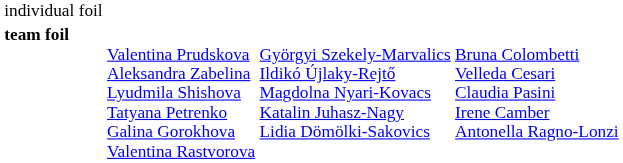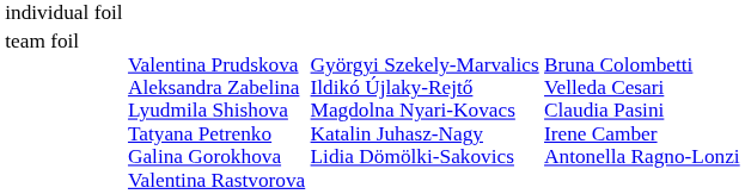 <table>
 <tr>
 <td>individual foil<br></td>
 <td></td>
 <td></td>
 <td></td>
 </tr>
 <tr valign="top">
-<td><strong>team foil<br></strong></td>
+<td>team foil<br></td>
 <td valign=top><br><a href='#'>Valentina Prudskova</a><br><a href='#'>Aleksandra Zabelina</a><br><a href='#'>Lyudmila Shishova</a><br><a href='#'>Tatyana Petrenko</a><br><a href='#'>Galina Gorokhova</a><br><a href='#'>Valentina Rastvorova</a></td>
 <td valign=top><br><a href='#'>Györgyi Szekely-Marvalics</a><br><a href='#'>Ildikó Újlaky-Rejtő</a><br><a href='#'>Magdolna Nyari-Kovacs</a><br><a href='#'>Katalin Juhasz-Nagy</a><br><a href='#'>Lidia Dömölki-Sakovics</a></td>
 <td valign=top><br><a href='#'>Bruna Colombetti</a><br><a href='#'>Velleda Cesari</a><br><a href='#'>Claudia Pasini</a><br><a href='#'>Irene Camber</a><br><a href='#'>Antonella Ragno-Lonzi</a></td>
 </tr>
 </table>
